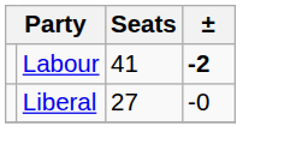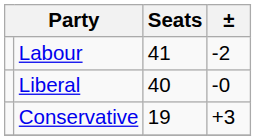 <table class="wikitable">
 <tr>
 <th colspan="2">Party</th>
 <th>Seats</th>
 <th>  ±  </th>
 </tr>
 <tr>
 <td style="background-color: "></td>
 <td><a href='#'>Labour</a></td>
 <td>41</td>
-<td><strong>-2</strong></td>
+<td>-2</td>
 </tr>
 <tr>
 <td style="background-color: "></td>
 <td><a href='#'>Liberal</a></td>
-<td>27</td>
+<td>40</td>
 <td>-0</td>
+</tr>
+<tr>
+<td style="background-color: "></td>
+<td><a href='#'>Conservative</a></td>
+<td>19</td>
+<td>+3</td>
 </tr>
 <tr>
 </tr>
 </table>
